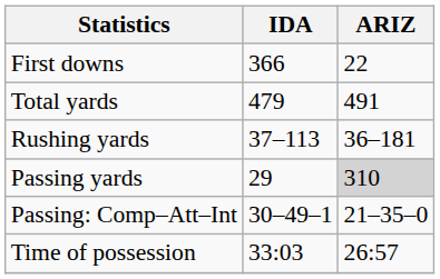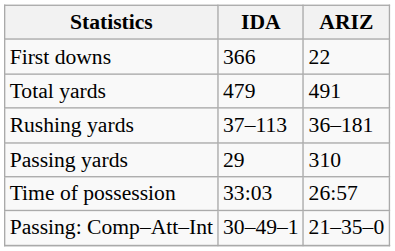 <table class="wikitable" style="float: left;">
 <tr>
 <th>Statistics</th>
 <th>IDA</th>
 <th>ARIZ</th>
 </tr>
 <tr>
 <td>First downs</td>
 <td>366</td>
 <td>22</td>
 </tr>
 <tr>
 <td>Total yards</td>
 <td>479</td>
 <td>491</td>
 </tr>
 <tr>
 <td>Rushing yards</td>
 <td>37–113</td>
 <td>36–181</td>
 </tr>
 <tr>
 <td>Passing yards</td>
 <td>29</td>
-<td style="background: lightgrey;">310</td>
+<td>310</td>
+</tr>
+<tr>
+<td>Time of possession</td>
+<td>33:03</td>
+<td>26:57</td>
 </tr>
 <tr>
 <td>Passing: Comp–Att–Int</td>
 <td>30–49–1</td>
 <td>21–35–0</td>
 </tr>
 <tr>
-<td>Time of possession</td>
-<td>33:03</td>
-<td>26:57</td>
-</tr>
-<tr>
 </tr>
 </table>
